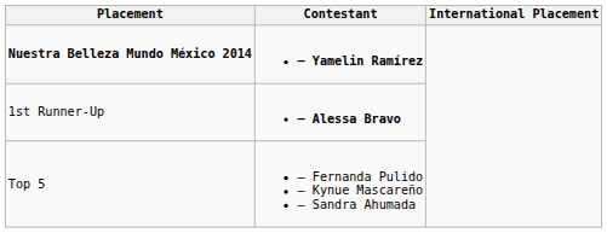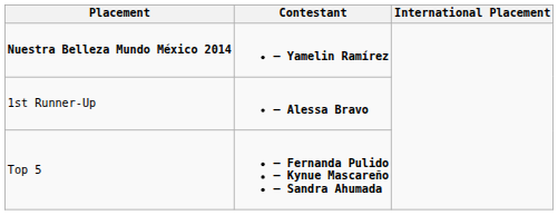 <table class="wikitable sortable" style="font-size: 95%;">
 <tr>
 <th>Placement</th>
 <th>Contestant</th>
 <th>International Placement</th>
 </tr>
 <tr>
 <td><strong>Nuestra Belleza Mundo México 2014</strong></td>
 <td><br><ul><li><strong> – Yamelin Ramírez</strong></li></ul></td>
 </tr>
 <tr>
 <td>1st Runner-Up</td>
 <td><strong><br><ul><li> – Alessa Bravo</li></ul></strong></td>
 </tr>
 <tr>
 <td>Top 5</td>
-<td><br><ul><li> – Fernanda Pulido</li><li> – Kynue Mascareño</li><li> – Sandra Ahumada</li></ul></td>
+<td><strong><br><ul><li> – Fernanda Pulido</li><li> – Kynue Mascareño</li><li> – Sandra Ahumada</li></ul></strong></td>
 </tr>
 </table>
